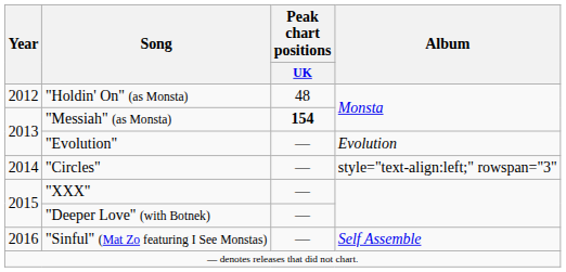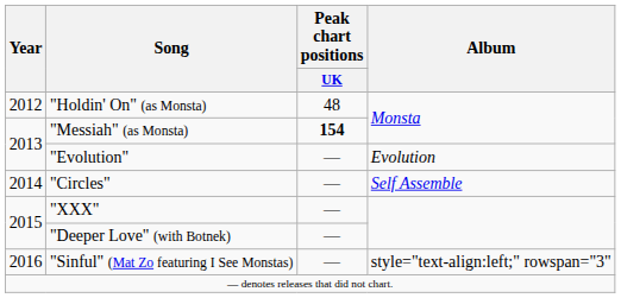 <table class="wikitable" style="text-align:center;">
 <tr>
 <th rowspan="2">Year</th>
 <th rowspan="2">Song</th>
 <th>Peak chart positions</th>
 <th rowspan="2">Album</th>
 </tr>
 <tr style="font-size:smaller;">
 <th style="width:60px;"><a href='#'>UK</a></th>
 </tr>
 <tr>
 <td>2012</td>
 <td style="text-align:left;">"Holdin' On" <small>(as Monsta)</small></td>
 <td>48</td>
 <td style="text-align:left;" rowspan="2"><em><a href='#'>Monsta</a></em></td>
 </tr>
 <tr>
 <td rowspan="2">2013</td>
 <td style="text-align:left;">"Messiah" <small>(as Monsta)</small></td>
 <td><strong>154</strong></td>
 </tr>
 <tr>
 <td style="text-align:left;">"Evolution"</td>
 <td>—</td>
 <td style="text-align:left;"><em>Evolution</em></td>
 </tr>
 <tr>
 <td>2014</td>
 <td style="text-align:left;">"Circles"</td>
 <td>—</td>
-<td>style="text-align:left;" rowspan="3" </td>
+<td style="text-align:left;"><em><a href='#'>Self Assemble</a></em></td>
 </tr>
 <tr>
 <td rowspan="2">2015</td>
 <td style="text-align:left;">"XXX"</td>
 <td>—</td>
 </tr>
 <tr>
 <td style="text-align:left;">"Deeper Love" <small>(with Botnek)</small></td>
 <td>—</td>
 </tr>
 <tr>
 <td rowspan="1">2016</td>
 <td style="text-align:left;">"Sinful" <small>(<a href='#'>Mat Zo</a> featuring I See Monstas)</small></td>
 <td>—</td>
-<td style="text-align:left;"><em><a href='#'>Self Assemble</a></em></td>
+<td>style="text-align:left;" rowspan="3" </td>
 </tr>
 <tr>
 <td colspan="6" style="text-align:center; font-size:8pt;">— denotes releases that did not chart.</td>
 </tr>
 </table>
